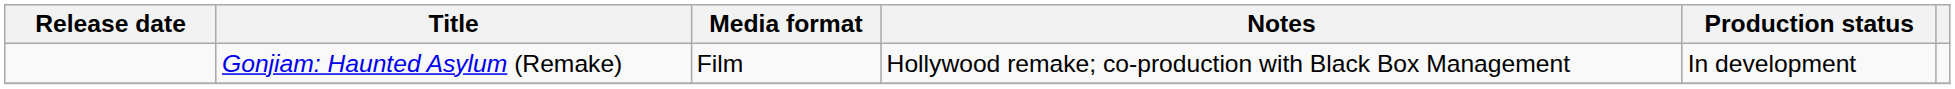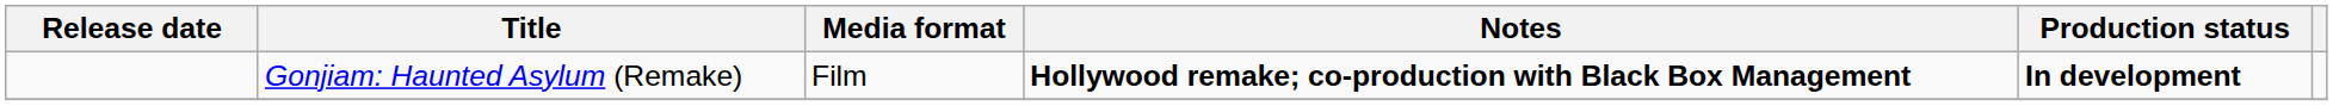 <table class="wikitable sortable" style="width:100%;">
 <tr>
 <th scope="col" style="width:130px;">Release date</th>
 <th>Title</th>
 <th>Media format</th>
 <th class="unsortable">Notes</th>
 <th>Production status</th>
 <th class="unsortable"></th>
 </tr>
 <tr>
 <td></td>
 <td><em><a href='#'>Gonjiam: Haunted Asylum</a></em> (Remake)</td>
 <td>Film</td>
-<td>Hollywood remake; co-production with Black Box Management</td>
-<td>In development</td>
+<td><strong>Hollywood remake; co-production with Black Box Management</strong></td>
+<td><strong>In development</strong></td>
 <td style="text-align:center"></td>
 </tr>
 <tr>
 </tr>
 </table>
